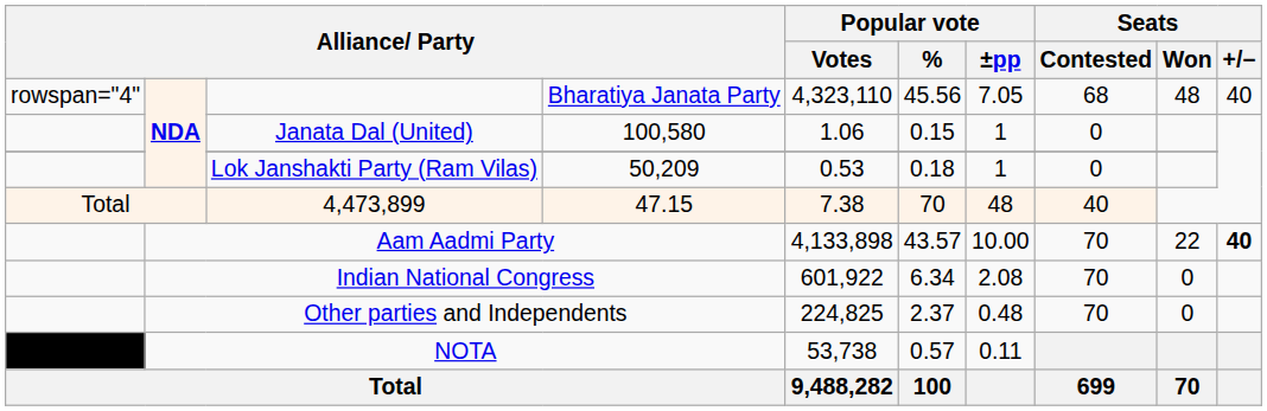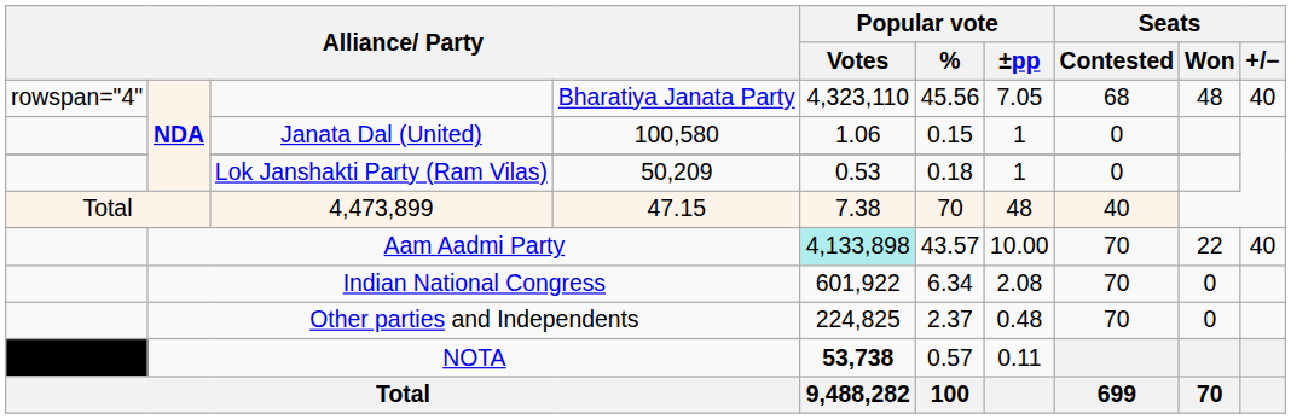 <table class="wikitable sortable" align="center" style="text-align:center; style="font-size:85%;margin:auto">
 <tr>
 <th colspan="4" rowspan="2">Alliance/ Party</th>
 <th colspan="3">Popular vote</th>
 <th colspan="3">Seats</th>
 </tr>
 <tr>
 <th>Votes</th>
 <th>%</th>
 <th>±<a href='#'>pp</a></th>
 <th>Contested</th>
 <th>Won</th>
 <th><strong>+/−</strong></th>
 </tr>
 <tr>
 <td>rowspan="4" </td>
 <th rowspan="4" style="background:#fef3e8"><a href='#'>NDA</a></th>
 <td></td>
 <td><a href='#'>Bharatiya Janata Party</a></td>
 <td>4,323,110</td>
 <td>45.56</td>
 <td>7.05</td>
 <td>68</td>
 <td>48</td>
 <td> 40</td>
 </tr>
 <tr>
 <td></td>
 <td><a href='#'>Janata Dal (United)</a></td>
 <td>100,580</td>
 <td>1.06</td>
 <td>0.15</td>
 <td>1</td>
 <td>0</td>
 <td></td>
 </tr>
 <tr>
 </tr>
 <tr>
 <td></td>
 <td><a href='#'>Lok Janshakti Party (Ram Vilas)</a></td>
 <td>50,209</td>
 <td>0.53</td>
 <td>0.18</td>
 <td>1</td>
 <td>0</td>
 <td></td>
 </tr>
 <tr>
 <td colspan="2" style="color:black;background:#fef3e8">Total</td>
 <td style="color:black;background:#fef3e8">4,473,899</td>
 <td style="color:black;background:#fef3e8">47.15</td>
 <td style="color:black;background:#fef3e8">7.38</td>
 <td style="color:black;background:#fef3e8">70</td>
 <td style="color:black;background:#fef3e8">48</td>
 <td style="color:black;background:#fef3e8">40</td>
 </tr>
 <tr>
 <td></td>
 <td colspan="3"><a href='#'>Aam Aadmi Party</a></td>
-<td>4,133,898</td>
+<td style="background: paleturquoise;">4,133,898</td>
 <td>43.57</td>
 <td>10.00</td>
 <td>70</td>
 <td>22</td>
-<td><strong>40</strong></td>
+<td>40</td>
 </tr>
 <tr>
 <td></td>
 <td colspan="3"><a href='#'>Indian National Congress</a></td>
 <td>601,922</td>
 <td>6.34</td>
 <td>2.08</td>
 <td>70</td>
 <td>0</td>
 <td></td>
 </tr>
 <tr>
 <td></td>
 <td colspan="3"><a href='#'>Other parties</a> and Independents</td>
 <td>224,825</td>
 <td>2.37</td>
 <td>0.48</td>
 <td>70</td>
 <td>0</td>
 <td></td>
 </tr>
 <tr>
 <td style="background:Black; color:White"></td>
 <td colspan="3"><a href='#'>NOTA</a></td>
-<td>53,738</td>
+<td><strong>53,738</strong></td>
 <td>0.57</td>
 <td>0.11</td>
 <th></th>
 <th></th>
 <th></th>
 </tr>
 <tr>
 <th colspan="4" style="text-align:center;">Total</th>
 <th style="text-align:center;">9,488,282</th>
 <th style="text-align:center;">100</th>
 <th style="text-align:center;"></th>
 <th style="text-align:center;">699</th>
 <th style="text-align:center;">70</th>
 <th style="text-align:center;"></th>
 </tr>
 </table>
